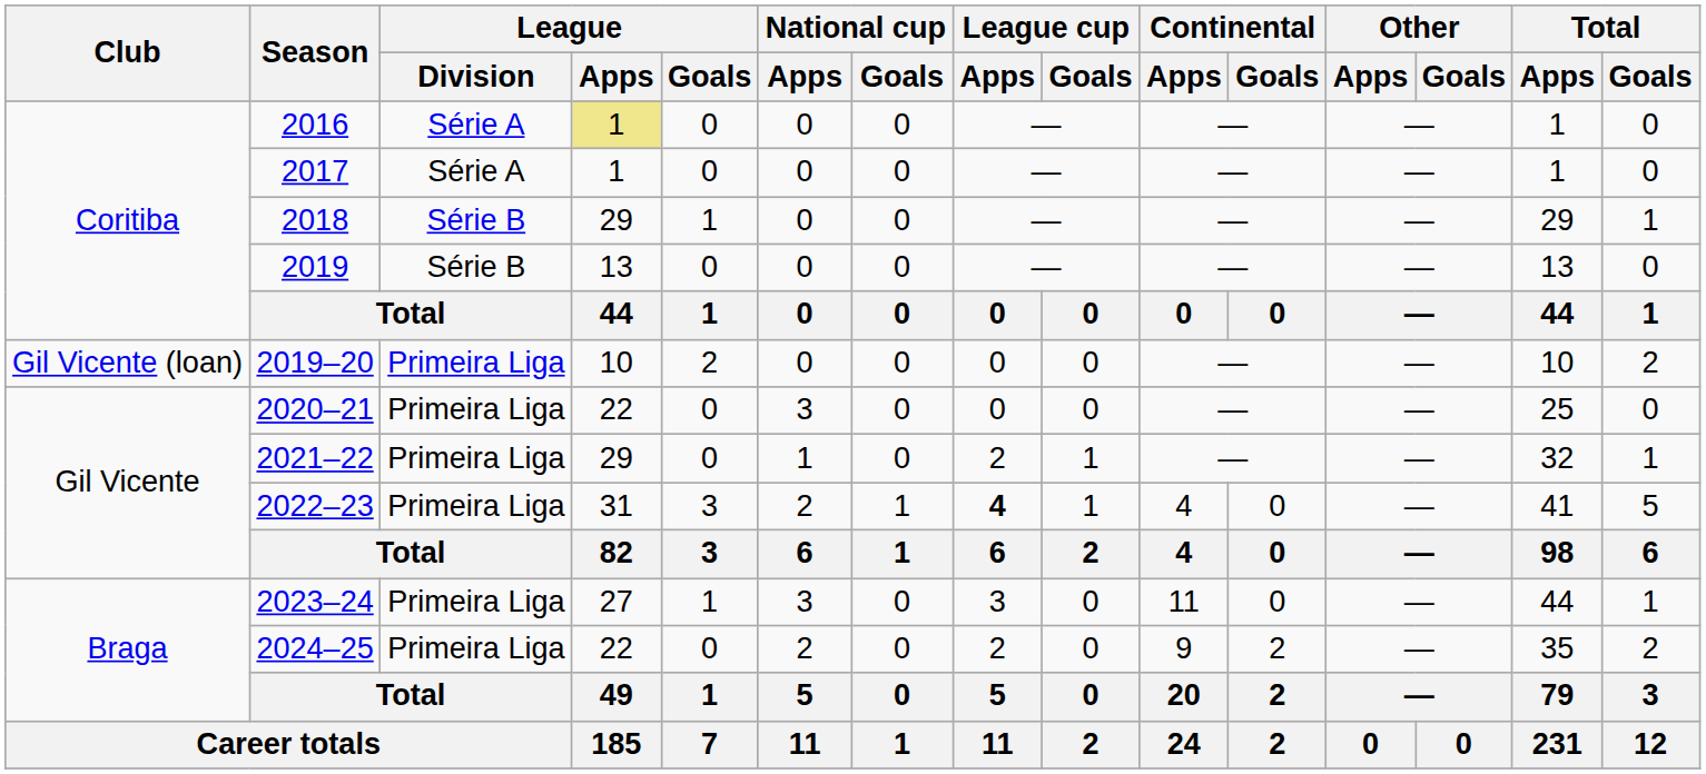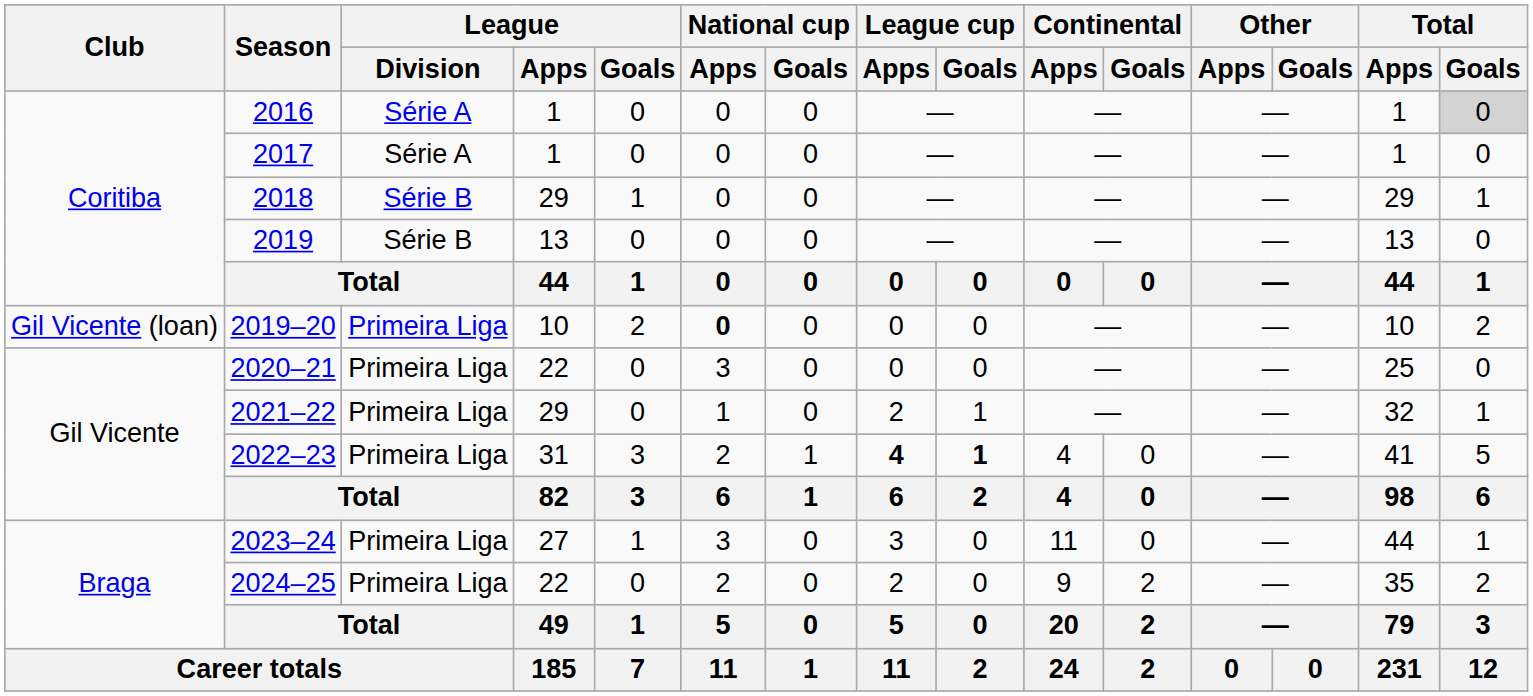 <table class="wikitable" style="text-align:center">
 <tr>
 <th rowspan="2">Club</th>
 <th rowspan="2">Season</th>
 <th colspan="3">League</th>
 <th colspan="2">National cup</th>
 <th colspan="2">League cup</th>
 <th colspan="2">Continental</th>
 <th colspan="2">Other</th>
 <th colspan="2">Total</th>
 </tr>
 <tr>
 <th>Division</th>
 <th>Apps</th>
 <th>Goals</th>
 <th>Apps</th>
 <th>Goals</th>
 <th>Apps</th>
 <th>Goals</th>
 <th>Apps</th>
 <th>Goals</th>
 <th>Apps</th>
 <th>Goals</th>
 <th>Apps</th>
 <th>Goals</th>
 </tr>
 <tr>
 <td rowspan="5"><a href='#'>Coritiba</a></td>
 <td><a href='#'>2016</a></td>
 <td><a href='#'>Série A</a></td>
-<td style="background: khaki;">1</td>
+<td>1</td>
 <td>0</td>
 <td>0</td>
 <td>0</td>
 <td colspan="2">—</td>
 <td colspan="2">—</td>
 <td colspan="2">—</td>
 <td>1</td>
-<td>0</td>
+<td style="background: lightgrey;">0</td>
 </tr>
 <tr>
 <td><a href='#'>2017</a></td>
 <td>Série A</td>
 <td>1</td>
 <td>0</td>
 <td>0</td>
 <td>0</td>
 <td colspan="2">—</td>
 <td colspan="2">—</td>
 <td colspan="2">—</td>
 <td>1</td>
 <td>0</td>
 </tr>
 <tr>
 <td><a href='#'>2018</a></td>
 <td><a href='#'>Série B</a></td>
 <td>29</td>
 <td>1</td>
 <td>0</td>
 <td>0</td>
 <td colspan="2">—</td>
 <td colspan="2">—</td>
 <td colspan="2">—</td>
 <td>29</td>
 <td>1</td>
 </tr>
 <tr>
 <td><a href='#'>2019</a></td>
 <td>Série B</td>
 <td>13</td>
 <td>0</td>
 <td>0</td>
 <td>0</td>
 <td colspan="2">—</td>
 <td colspan="2">—</td>
 <td colspan="2">—</td>
 <td>13</td>
 <td>0</td>
 </tr>
 <tr>
 <th colspan="2">Total</th>
 <th>44</th>
 <th>1</th>
 <th>0</th>
 <th>0</th>
 <th>0</th>
 <th>0</th>
 <th>0</th>
 <th>0</th>
 <th colspan="2">—</th>
 <th>44</th>
 <th>1</th>
 </tr>
 <tr>
 <td><a href='#'>Gil Vicente</a> (loan)</td>
 <td><a href='#'>2019–20</a></td>
 <td><a href='#'>Primeira Liga</a></td>
 <td>10</td>
 <td>2</td>
-<td>0</td>
+<td><strong>0</strong></td>
 <td>0</td>
 <td>0</td>
 <td>0</td>
 <td colspan="2">—</td>
 <td colspan="2">—</td>
 <td>10</td>
 <td>2</td>
 </tr>
 <tr>
 <td rowspan="4">Gil Vicente</td>
 <td><a href='#'>2020–21</a></td>
 <td>Primeira Liga</td>
 <td>22</td>
 <td>0</td>
 <td>3</td>
 <td>0</td>
 <td>0</td>
 <td>0</td>
 <td colspan="2">—</td>
 <td colspan="2">—</td>
 <td>25</td>
 <td>0</td>
 </tr>
 <tr>
 <td><a href='#'>2021–22</a></td>
 <td>Primeira Liga</td>
 <td>29</td>
 <td>0</td>
 <td>1</td>
 <td>0</td>
 <td>2</td>
 <td>1</td>
 <td colspan="2">—</td>
 <td colspan="2">—</td>
 <td>32</td>
 <td>1</td>
 </tr>
 <tr>
 <td><a href='#'>2022–23</a></td>
 <td>Primeira Liga</td>
 <td>31</td>
 <td>3</td>
 <td>2</td>
 <td>1</td>
 <td><strong>4</strong></td>
-<td>1</td>
+<td><strong>1</strong></td>
 <td>4</td>
 <td>0</td>
 <td colspan="2">—</td>
 <td>41</td>
 <td>5</td>
 </tr>
 <tr>
 <th colspan="2">Total</th>
 <th>82</th>
 <th>3</th>
 <th>6</th>
 <th>1</th>
 <th>6</th>
 <th>2</th>
 <th>4</th>
 <th>0</th>
 <th colspan="2">—</th>
 <th>98</th>
 <th>6</th>
 </tr>
 <tr>
 <td rowspan="3"><a href='#'>Braga</a></td>
 <td><a href='#'>2023–24</a></td>
 <td>Primeira Liga</td>
 <td>27</td>
 <td>1</td>
 <td>3</td>
 <td>0</td>
 <td>3</td>
 <td>0</td>
 <td>11</td>
 <td>0</td>
 <td colspan="2">—</td>
 <td>44</td>
 <td>1</td>
 </tr>
 <tr>
 <td><a href='#'>2024–25</a></td>
 <td>Primeira Liga</td>
 <td>22</td>
 <td>0</td>
 <td>2</td>
 <td>0</td>
 <td>2</td>
 <td>0</td>
 <td>9</td>
 <td>2</td>
 <td colspan="2">—</td>
 <td>35</td>
 <td>2</td>
 </tr>
 <tr>
 <th colspan="2">Total</th>
 <th>49</th>
 <th>1</th>
 <th>5</th>
 <th>0</th>
 <th>5</th>
 <th>0</th>
 <th>20</th>
 <th>2</th>
 <th colspan="2">—</th>
 <th>79</th>
 <th>3</th>
 </tr>
 <tr>
 <th colspan="3">Career totals</th>
 <th>185</th>
 <th>7</th>
 <th>11</th>
 <th>1</th>
 <th>11</th>
 <th>2</th>
 <th>24</th>
 <th>2</th>
 <th>0</th>
 <th>0</th>
 <th>231</th>
 <th>12</th>
 </tr>
 </table>
